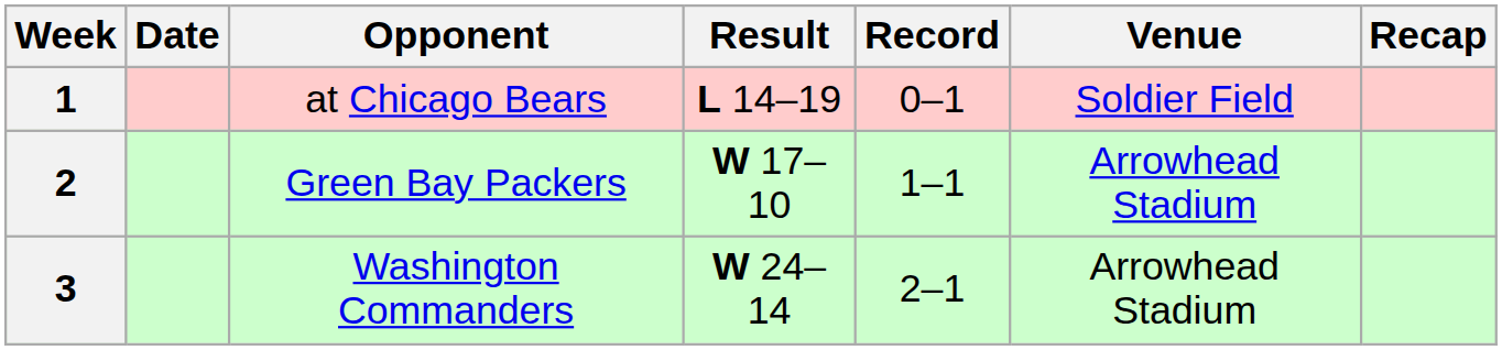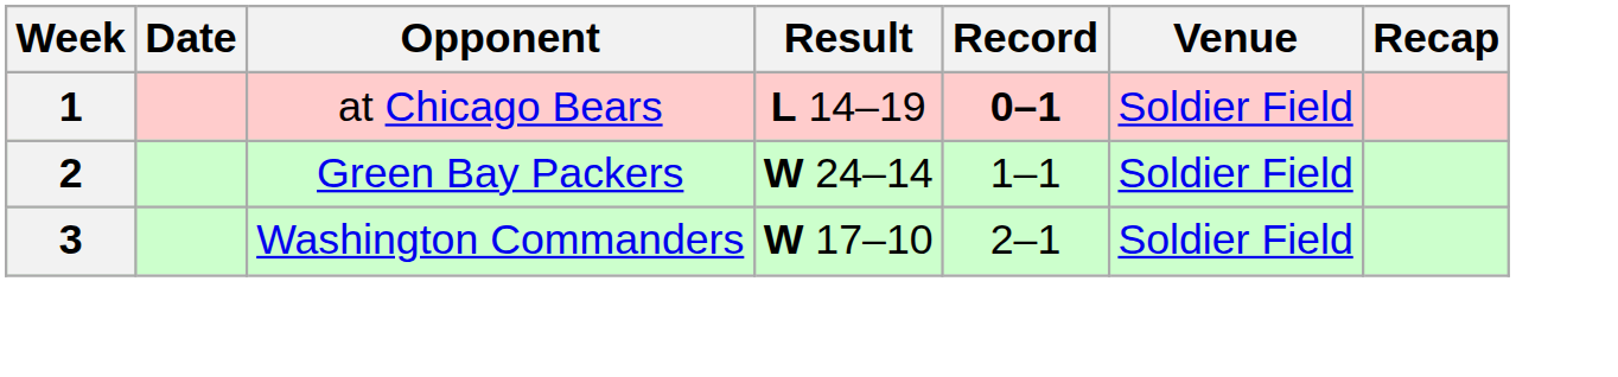 <table class="wikitable" style="text-align:center">
 <tr>
 <th>Week</th>
 <th>Date</th>
 <th>Opponent</th>
 <th>Result</th>
 <th>Record</th>
 <th>Venue</th>
 <th>Recap</th>
 </tr>
 <tr style="background:#fcc">
 <th>1</th>
 <td></td>
 <td>at <a href='#'>Chicago Bears</a></td>
 <td><strong>L</strong> 14–19</td>
-<td>0–1</td>
+<td><strong>0–1</strong></td>
 <td><a href='#'>Soldier Field</a></td>
 <td></td>
 </tr>
 <tr style="background:#cfc">
 <th>2</th>
 <td></td>
 <td><a href='#'>Green Bay Packers</a></td>
-<td><strong>W</strong> 17–10</td>
+<td><strong>W</strong> 24–14</td>
 <td>1–1</td>
-<td><a href='#'>Arrowhead Stadium</a></td>
+<td><a href='#'>Soldier Field</a></td>
 <td></td>
 </tr>
 <tr style="background:#cfc">
 <th>3</th>
 <td></td>
 <td><a href='#'>Washington Commanders</a></td>
-<td><strong>W</strong> 24–14</td>
+<td><strong>W</strong> 17–10</td>
 <td>2–1</td>
-<td>Arrowhead Stadium</td>
+<td><a href='#'>Soldier Field</a></td>
 <td></td>
 </tr>
 </table>
